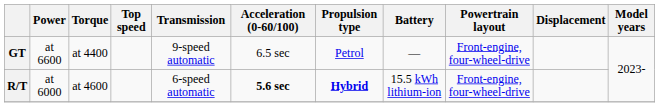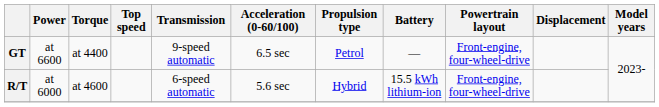 <table class="wikitable" style=text-align:center;">
 <tr>
 <th></th>
 <th>Power</th>
 <th>Torque</th>
 <th>Top speed</th>
 <th>Transmission</th>
 <th>Acceleration (0-60/100)</th>
 <th>Propulsion type</th>
 <th>Battery</th>
 <th>Powertrain layout</th>
 <th>Displacement</th>
 <th>Model years</th>
 </tr>
 <tr>
 <th>GT</th>
 <td> at 6600</td>
 <td> at 4400</td>
 <td></td>
 <td>9-speed <a href='#'>automatic</a></td>
 <td>6.5 sec</td>
 <td><a href='#'>Petrol</a></td>
 <td>—</td>
 <td><a href='#'>Front-engine, four-wheel-drive</a></td>
 <td></td>
 <td rowspan=2>2023-</td>
 </tr>
 <tr>
 <th>R/T</th>
 <td> at 6000</td>
 <td> at 4600</td>
 <td></td>
 <td>6-speed <a href='#'>automatic</a></td>
-<td><strong>5.6 sec</strong></td>
-<td><strong><a href='#'>Hybrid</a></strong></td>
+<td>5.6 sec</td>
+<td><a href='#'>Hybrid</a></td>
 <td>15.5 <a href='#'>kWh</a> <a href='#'>lithium-ion</a></td>
 <td><a href='#'>Front-engine, four-wheel-drive</a></td>
 <td></td>
 </tr>
 <tr>
 </tr>
 </table>
